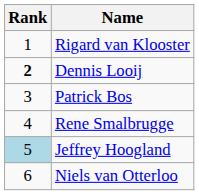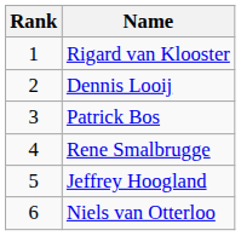 <table class="wikitable sortable" style="text-align:center">
 <tr>
 <th>Rank</th>
 <th>Name</th>
 </tr>
 <tr>
 <td>1</td>
 <td align=left><a href='#'>Rigard van Klooster</a></td>
 </tr>
 <tr>
-<td><strong>2</strong></td>
+<td>2</td>
 <td align=left><a href='#'>Dennis Looij</a></td>
 </tr>
 <tr>
 <td>3</td>
 <td align=left><a href='#'>Patrick Bos</a></td>
 </tr>
 <tr>
 <td>4</td>
 <td align=left><a href='#'>Rene Smalbrugge</a></td>
 </tr>
 <tr>
-<td style="background: lightblue;">5</td>
+<td>5</td>
 <td align=left><a href='#'>Jeffrey Hoogland</a></td>
 </tr>
 <tr>
 <td>6</td>
 <td align=left><a href='#'>Niels van Otterloo</a></td>
 </tr>
 </table>
